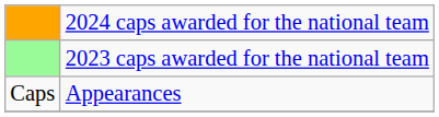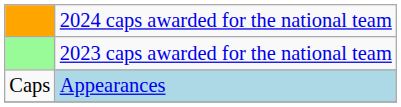 <table class="wikitable">
 <tr>
 <td bgcolor=orange></td>
 <td><a href='#'>2024 caps awarded for the national team</a></td>
 </tr>
 <tr>
 <td bgcolor=palegreen></td>
 <td><a href='#'>2023 caps awarded for the national team</a></td>
 </tr>
 <tr>
 <td>Caps</td>
-<td><a href='#'>Appearances</a></td>
+<td style="background: lightblue;"><a href='#'>Appearances</a></td>
 </tr>
 <tr>
 </tr>
 </table>
